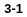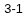 <table style="text-align:center">
 <tr>
 <th width=200></th>
 <th width=100></th>
 <th width=200></th>
 </tr>
 <tr>
 <td align=right></td>
-<td><strong>3-1</strong></td>
+<td>3-1</td>
 <td align=left></td>
 </tr>
 </table>
